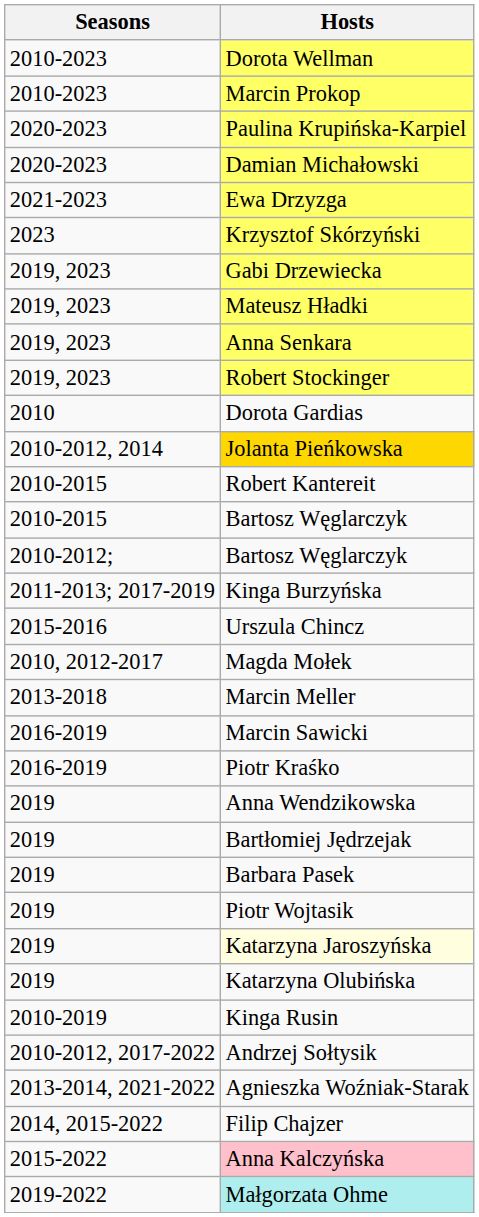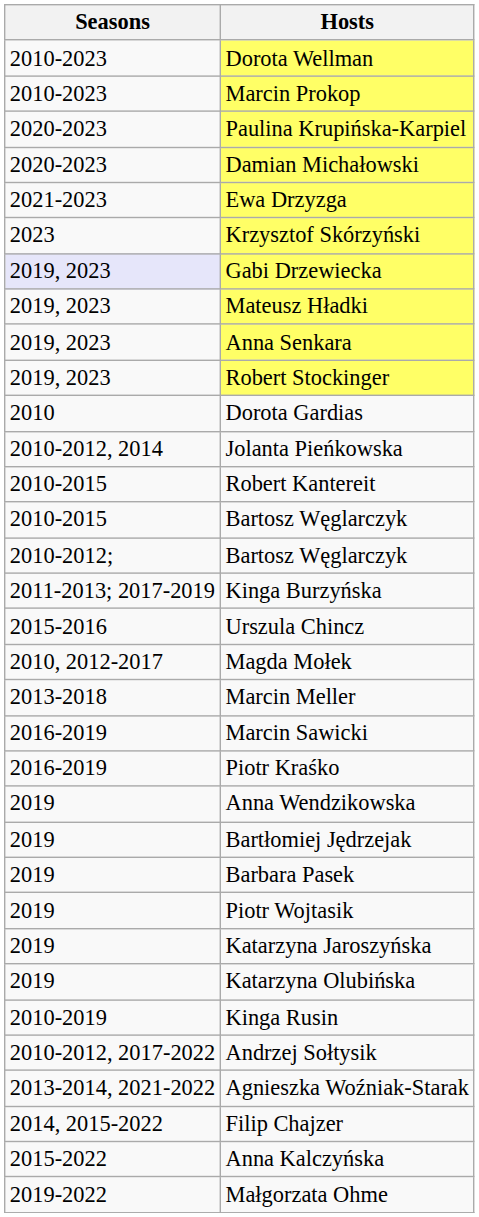 <table class="wikitable" style="font-size:100%;">
 <tr>
 <th>Seasons</th>
 <th>Hosts</th>
 </tr>
 <tr>
 <td>2010-2023</td>
 <td style="background:#FF6;">Dorota Wellman</td>
 </tr>
 <tr>
 <td>2010-2023</td>
 <td style="background:#FF6;">Marcin Prokop</td>
 </tr>
 <tr>
 <td>2020-2023</td>
 <td style="background:#FF6;">Paulina Krupińska-Karpiel</td>
 </tr>
 <tr>
 <td>2020-2023</td>
 <td style="background:#FF6;">Damian Michałowski</td>
 </tr>
 <tr>
 <td>2021-2023</td>
 <td style="background:#FF6;">Ewa Drzyzga</td>
 </tr>
 <tr>
 <td>2023</td>
 <td style="background:#FF6;">Krzysztof Skórzyński</td>
 </tr>
 <tr>
-<td>2019, 2023</td>
+<td style="background: lavender;">2019, 2023</td>
 <td style="background:#FF6;">Gabi Drzewiecka</td>
 </tr>
 <tr>
 <td>2019, 2023</td>
 <td style="background:#FF6;">Mateusz Hładki</td>
 </tr>
 <tr>
 <td>2019, 2023</td>
 <td style="background:#FF6;">Anna Senkara</td>
 </tr>
 <tr>
 <td>2019, 2023</td>
 <td style="background:#FF6;">Robert Stockinger</td>
 </tr>
 <tr>
 <td>2010</td>
 <td>Dorota Gardias</td>
 </tr>
 <tr>
 <td>2010-2012, 2014</td>
-<td style="background: gold;">Jolanta Pieńkowska</td>
+<td>Jolanta Pieńkowska</td>
 </tr>
 <tr>
 <td>2010-2015</td>
 <td>Robert Kantereit</td>
 </tr>
 <tr>
 <td>2010-2015</td>
 <td>Bartosz Węglarczyk</td>
 </tr>
 <tr>
 <td>2010-2012;</td>
 <td>Bartosz Węglarczyk</td>
 </tr>
 <tr>
 <td>2011-2013; 2017-2019</td>
 <td>Kinga Burzyńska</td>
 </tr>
 <tr>
 <td>2015-2016</td>
 <td>Urszula Chincz</td>
 </tr>
 <tr>
 <td>2010, 2012-2017</td>
 <td>Magda Mołek</td>
 </tr>
 <tr>
 <td>2013-2018</td>
 <td>Marcin Meller</td>
 </tr>
 <tr>
 <td>2016-2019</td>
 <td>Marcin Sawicki</td>
 </tr>
 <tr>
 <td>2016-2019</td>
 <td>Piotr Kraśko</td>
 </tr>
 <tr>
 <td>2019</td>
 <td>Anna Wendzikowska</td>
 </tr>
 <tr>
 <td>2019</td>
 <td>Bartłomiej Jędrzejak</td>
 </tr>
 <tr>
 <td>2019</td>
 <td>Barbara Pasek</td>
 </tr>
 <tr>
 <td>2019</td>
 <td>Piotr Wojtasik</td>
 </tr>
 <tr>
 <td>2019</td>
-<td style="background: lightyellow;">Katarzyna Jaroszyńska</td>
+<td>Katarzyna Jaroszyńska</td>
 </tr>
 <tr>
 <td>2019</td>
 <td>Katarzyna Olubińska</td>
 </tr>
 <tr>
 <td>2010-2019</td>
 <td>Kinga Rusin</td>
 </tr>
 <tr>
 <td>2010-2012, 2017-2022</td>
 <td>Andrzej Sołtysik</td>
 </tr>
 <tr>
 <td>2013-2014, 2021-2022</td>
 <td>Agnieszka Woźniak-Starak</td>
 </tr>
 <tr>
 <td>2014, 2015-2022</td>
 <td>Filip Chajzer</td>
 </tr>
 <tr>
 <td>2015-2022</td>
-<td style="background: pink;">Anna Kalczyńska</td>
+<td>Anna Kalczyńska</td>
 </tr>
 <tr>
 <td>2019-2022</td>
-<td style="background: paleturquoise;">Małgorzata Ohme</td>
+<td>Małgorzata Ohme</td>
 </tr>
 <tr>
 </tr>
 </table>
